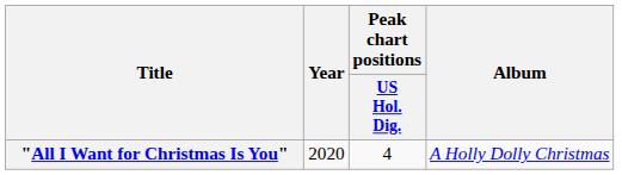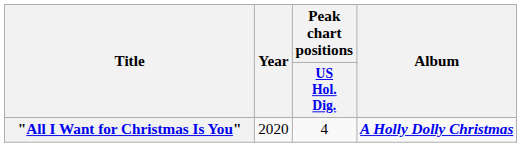 <table class="wikitable plainrowheaders" style="text-align:center;">
 <tr>
 <th scope="col" rowspan="2" style="width:16em;">Title</th>
 <th scope="col" rowspan="2">Year</th>
 <th scope="col">Peak chart positions</th>
 <th scope="col" rowspan="2">Album</th>
 </tr>
 <tr>
 <th scope="col" style="width:3em;font-size:90%;"><a href='#'>US<br>Hol.<br>Dig.</a><br></th>
 </tr>
 <tr>
 <th scope="row">"<a href='#'>All I Want for Christmas Is You</a>"<br></th>
 <td>2020</td>
 <td>4</td>
-<td><em><a href='#'>A Holly Dolly Christmas</a></em></td>
+<td><strong><em><a href='#'>A Holly Dolly Christmas</a></em></strong></td>
 </tr>
 </table>
